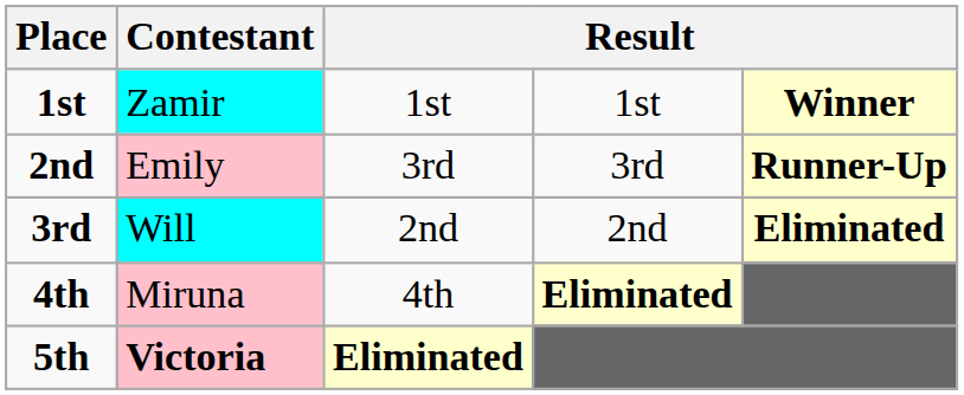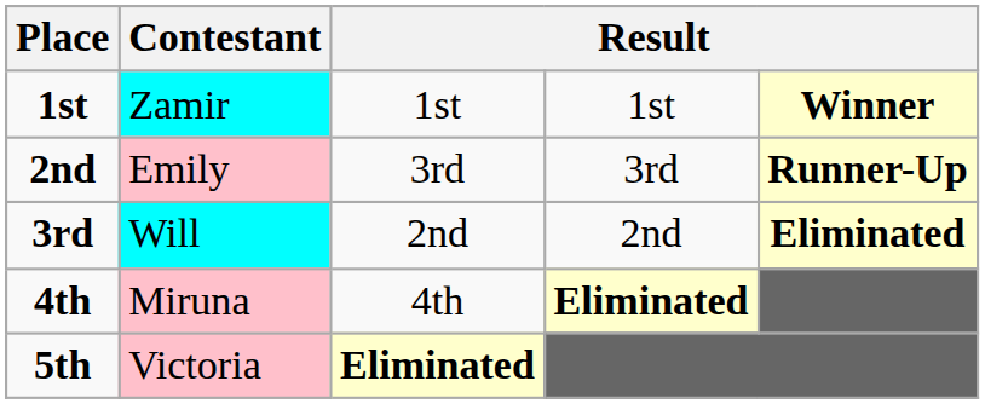 <table class="wikitable">
 <tr>
 <th>Place</th>
 <th>Contestant</th>
 <th colspan="14" align="center">Result</th>
 </tr>
 <tr>
 <td align="center"><strong>1st</strong></td>
 <td bgcolor="cyan">Zamir</td>
 <td align="center">1st</td>
 <td align="center">1st</td>
 <td bgcolor="FFFFCC" align="center"><strong>Winner</strong></td>
 </tr>
 <tr>
 <td align="center"><strong>2nd</strong></td>
 <td bgcolor="pink">Emily</td>
 <td align="center">3rd</td>
 <td align="center">3rd</td>
 <td bgcolor="FFFFCC" align="center"><strong>Runner-Up</strong></td>
 </tr>
 <tr>
 <td align="center"><strong>3rd</strong></td>
 <td bgcolor="cyan">Will</td>
 <td align="center">2nd</td>
 <td align="center">2nd</td>
 <td bgcolor="FFFFCC" align="center"><strong>Eliminated</strong></td>
 </tr>
 <tr>
 <td align="center"><strong>4th</strong></td>
 <td bgcolor="pink">Miruna</td>
 <td align="center">4th</td>
 <td bgcolor="FFFFCC" align="center"><strong>Eliminated</strong></td>
 <td colspan="1" bgcolor="666666"></td>
 </tr>
 <tr>
 <td align="center"><strong>5th</strong></td>
-<td bgcolor="pink"><strong>Victoria</strong></td>
+<td bgcolor="pink">Victoria</td>
 <td bgcolor="FFFFCC" align="center"><strong>Eliminated</strong></td>
 <td colspan="2" bgcolor="666666"></td>
 </tr>
 </table>
